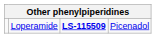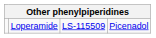 <table class="wikitable" style="font-size:smaller; text-align:center">
 <tr>
 <th colspan="4">Other phenylpiperidines</th>
 </tr>
 <tr>
 <td></td>
 <td> <a href='#'>Loperamide</a></td>
-<td><strong> <a href='#'>LS-115509</a></strong></td>
+<td> <a href='#'>LS-115509</a></td>
 <td> <a href='#'>Picenadol</a></td>
 </tr>
 </table>
